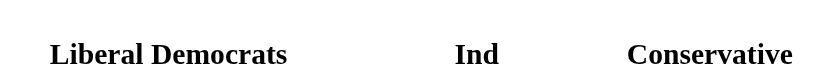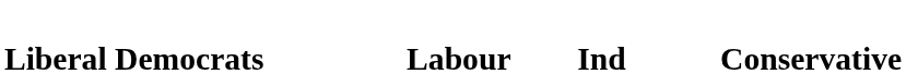 <table style="width:60%; text-align:center;">
 <tr style="color:white;">
 <td style="background:"><strong>20</strong></td>
+<td style="background:"><strong>9</strong></td>
 <td style="background:"><strong>3</strong></td>
 <td style="background:"><strong>27</strong></td>
 </tr>
 <tr>
 <td><span><strong>Liberal Democrats</strong></span></td>
+<td><span><strong>Labour</strong></span></td>
 <td><span><strong>Ind</strong></span></td>
 <td><span><strong>Conservative</strong></span></td>
 </tr>
 </table>
